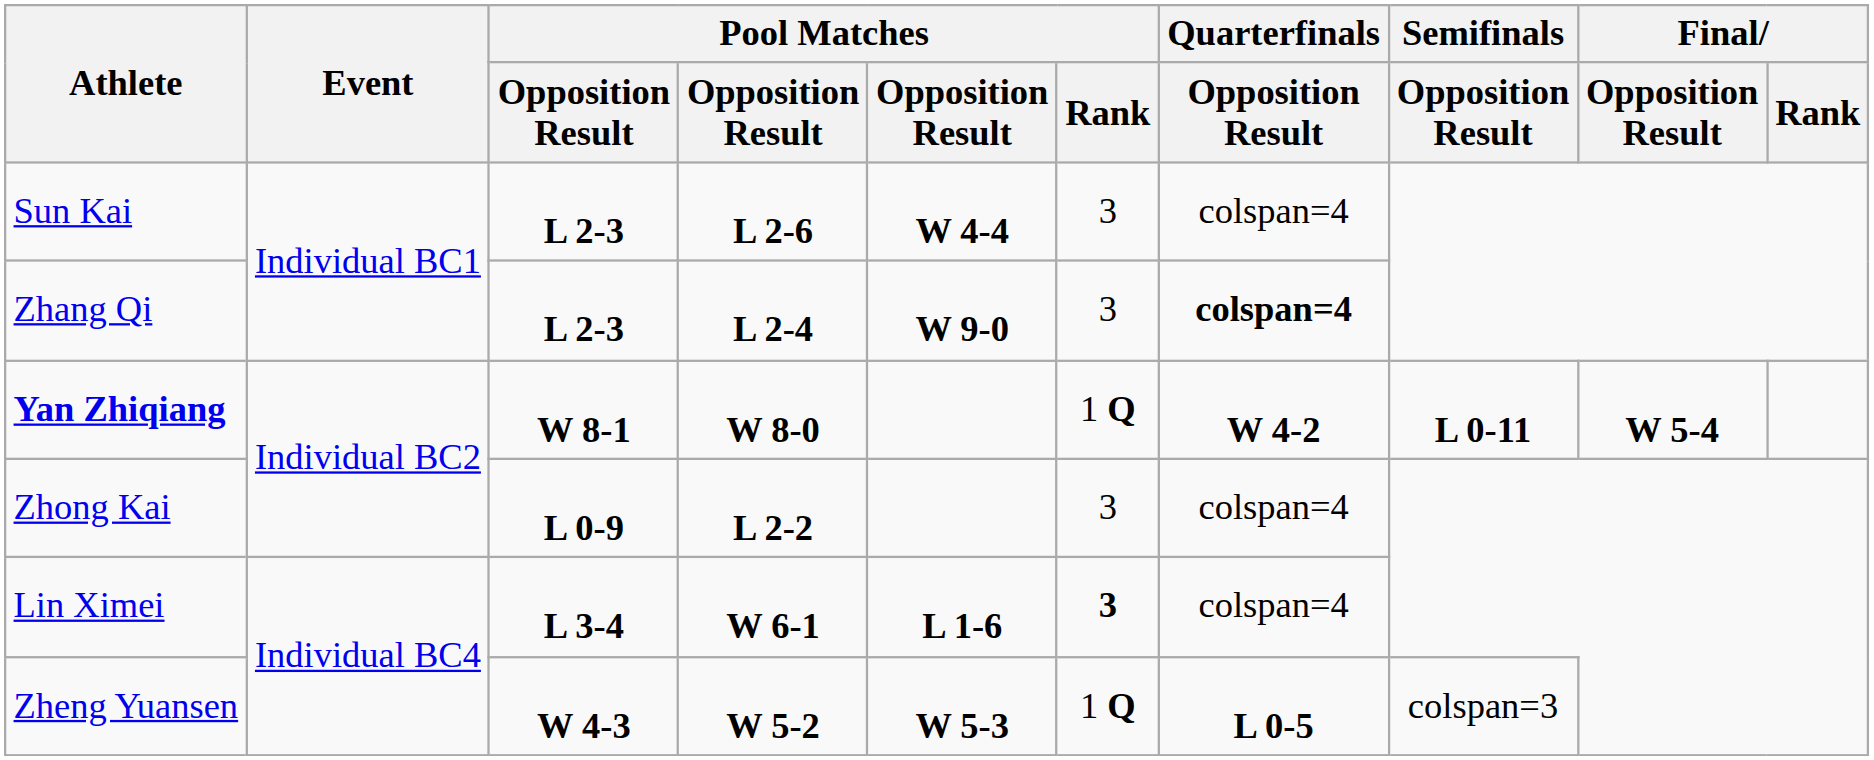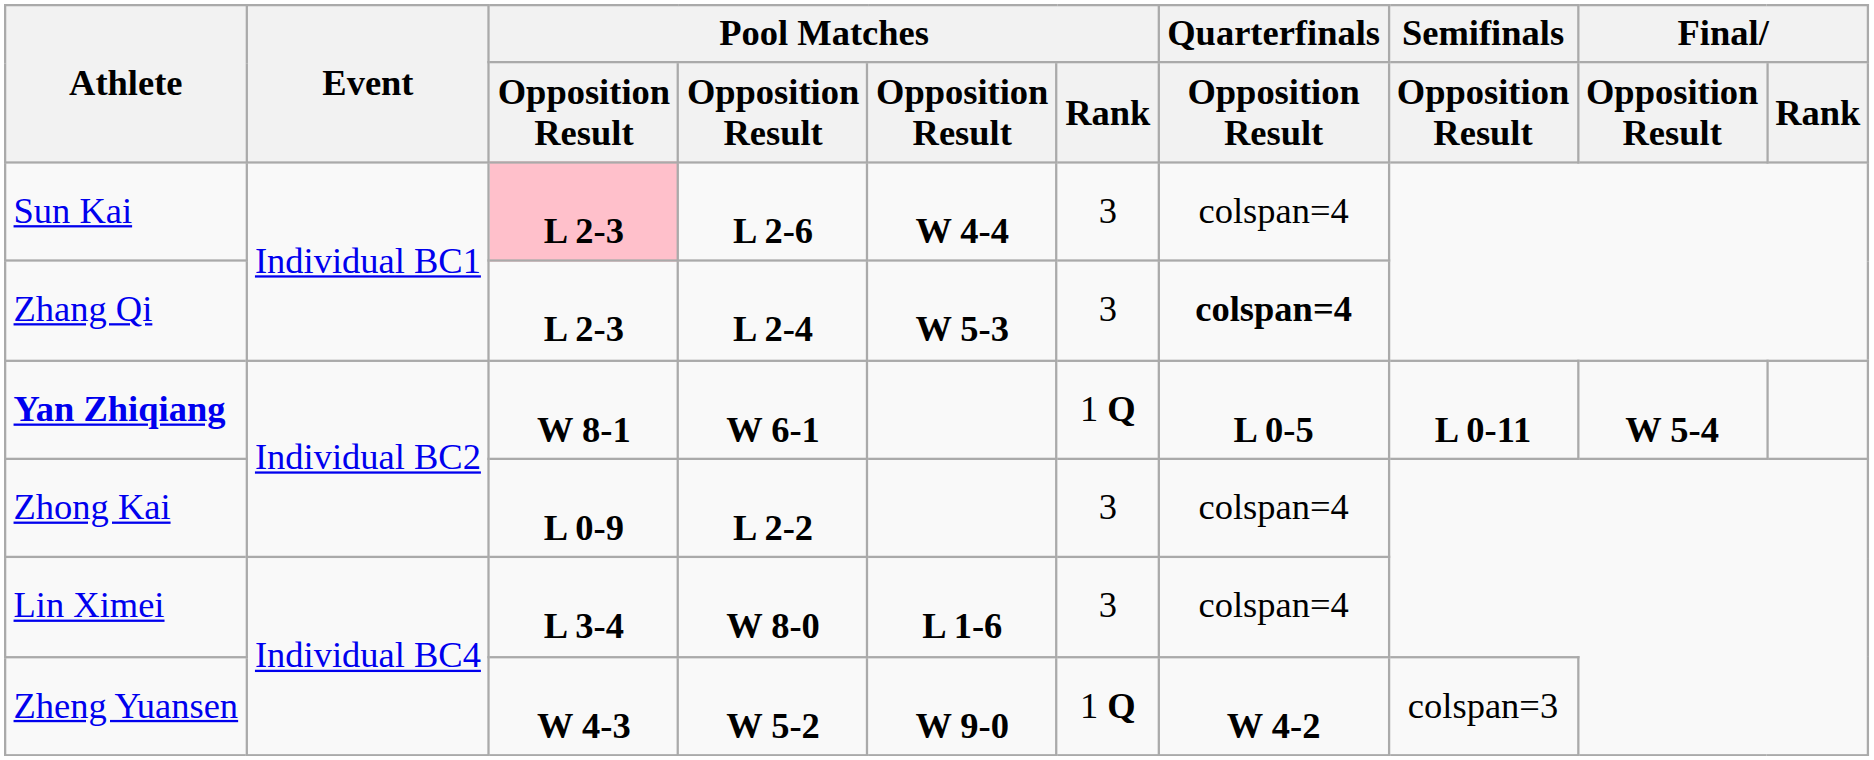 <table class=wikitable>
 <tr>
 <th rowspan="2">Athlete</th>
 <th rowspan="2">Event</th>
 <th colspan=4>Pool Matches</th>
 <th>Quarterfinals</th>
 <th>Semifinals</th>
 <th colspan="2">Final/</th>
 </tr>
 <tr>
 <th>Opposition<br>Result</th>
 <th>Opposition<br>Result</th>
 <th>Opposition<br>Result</th>
 <th>Rank</th>
 <th>Opposition<br>Result</th>
 <th>Opposition<br>Result</th>
 <th>Opposition<br>Result</th>
 <th>Rank</th>
 </tr>
 <tr align=center>
 <td align=left><a href='#'>Sun Kai</a></td>
 <td align=left rowspan=2><a href='#'>Individual BC1</a></td>
-<td><br><strong>L 2-3</strong></td>
+<td style="background: pink;"><br><strong>L 2-3</strong></td>
 <td><br><strong>L 2-6</strong></td>
 <td><br><strong>W 4-4</strong></td>
 <td>3</td>
 <td>colspan=4 </td>
 </tr>
 <tr align=center>
 <td align=left><a href='#'>Zhang Qi</a></td>
 <td><br><strong>L 2-3</strong></td>
 <td><br><strong>L 2-4</strong></td>
-<td><br><strong>W 9-0</strong></td>
+<td><br><strong>W 5-3</strong></td>
 <td>3</td>
 <td><strong>colspan=4 </strong></td>
 </tr>
 <tr align=center>
 <td align=left><strong><a href='#'>Yan Zhiqiang</a></strong></td>
 <td align=left rowspan=2><a href='#'>Individual BC2</a></td>
 <td><br><strong>W 8-1</strong></td>
-<td><br><strong>W 8-0</strong></td>
+<td><br><strong>W 6-1</strong></td>
 <td></td>
 <td>1 <strong>Q</strong></td>
-<td><br><strong>W 4-2</strong></td>
+<td><br><strong>L 0-5</strong></td>
 <td><br> <strong>L 0-11</strong></td>
 <td><br><strong>W 5-4</strong></td>
 <td></td>
 </tr>
 <tr align=center>
 <td align=left><a href='#'>Zhong Kai</a></td>
 <td><br><strong>L 0-9</strong></td>
 <td><br><strong>L 2-2</strong></td>
 <td></td>
 <td>3</td>
 <td>colspan=4 </td>
 </tr>
 <tr align=center>
 <td align=left><a href='#'>Lin Ximei</a></td>
 <td align=left rowspan=2><a href='#'>Individual BC4</a></td>
 <td><br><strong>L 3-4</strong></td>
-<td><br><strong>W 6-1</strong></td>
+<td><br><strong>W 8-0</strong></td>
 <td><br><strong>L 1-6</strong></td>
-<td><strong>3</strong></td>
+<td>3</td>
 <td>colspan=4 </td>
 </tr>
 <tr align=center>
 <td align=left><a href='#'>Zheng Yuansen</a></td>
 <td><br><strong>W 4-3</strong></td>
 <td><br><strong>W 5-2</strong></td>
-<td><br><strong>W 5-3</strong></td>
+<td><br><strong>W 9-0</strong></td>
 <td>1 <strong>Q</strong></td>
-<td><br><strong>L 0-5</strong></td>
+<td><br><strong>W 4-2</strong></td>
 <td>colspan=3 </td>
 </tr>
 </table>
